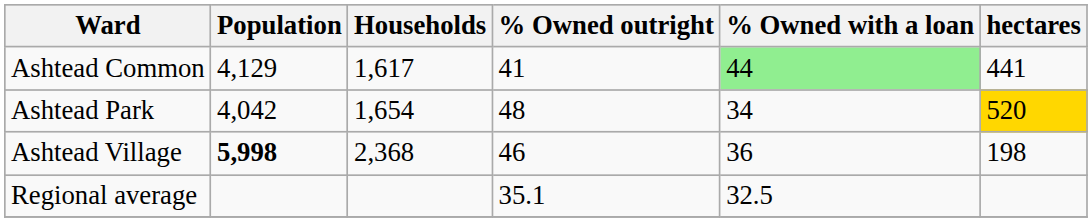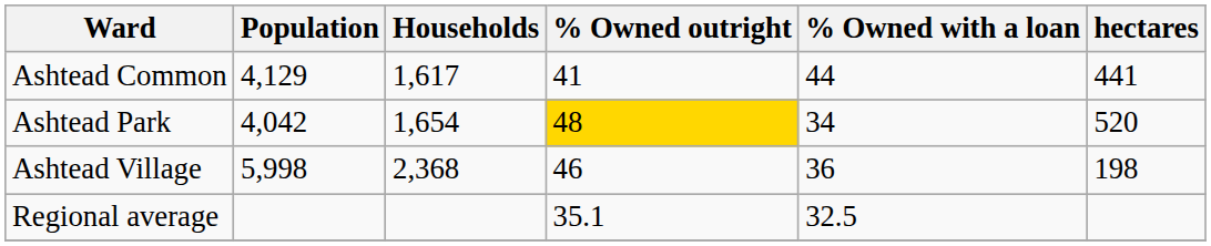 <table class="wikitable">
 <tr>
 <th>Ward</th>
 <th>Population</th>
 <th>Households</th>
 <th>% Owned outright</th>
 <th>% Owned with a loan</th>
 <th>hectares</th>
 </tr>
 <tr>
 <td>Ashtead Common</td>
 <td>4,129</td>
 <td>1,617</td>
 <td>41</td>
-<td style="background: lightgreen;">44</td>
+<td>44</td>
 <td>441</td>
 </tr>
 <tr>
 <td>Ashtead Park</td>
 <td>4,042</td>
 <td>1,654</td>
-<td>48</td>
+<td style="background: gold;">48</td>
 <td>34</td>
-<td style="background: gold;">520</td>
+<td>520</td>
 </tr>
 <tr>
 <td>Ashtead Village</td>
-<td><strong>5,998</strong></td>
+<td>5,998</td>
 <td>2,368</td>
 <td>46</td>
 <td>36</td>
 <td>198</td>
 </tr>
 <tr>
 <td>Regional average</td>
 <td></td>
 <td></td>
 <td>35.1</td>
 <td>32.5</td>
 <td></td>
 </tr>
 <tr>
 </tr>
 </table>
